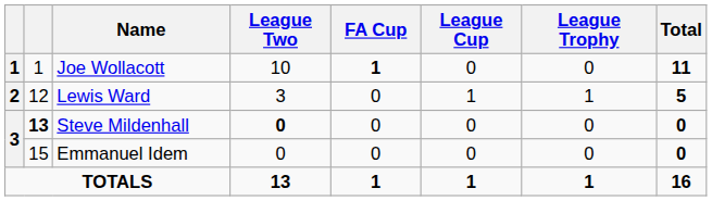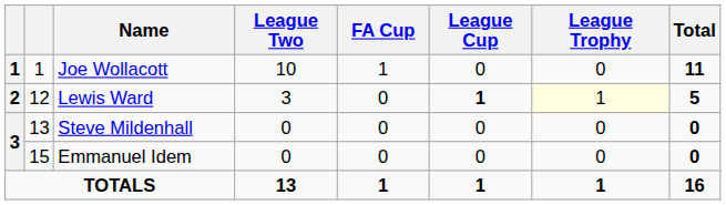 <table class="wikitable" style="text-align:center; font-size:95%; width:95%;">
 <tr>
 <th width=10></th>
 <th width=10></th>
 <th width=200>Name</th>
 <th width=100><a href='#'>League Two</a></th>
 <th width=100><a href='#'>FA Cup</a></th>
 <th width=100><a href='#'>League Cup</a></th>
 <th width=150><a href='#'>League Trophy</a></th>
 <th>Total</th>
 </tr>
 <tr>
 <th rowspan=1>1</th>
 <td>1</td>
 <td align="left"> <a href='#'>Joe Wollacott</a></td>
 <td>10</td>
-<td><strong>1</strong></td>
+<td>1</td>
 <td>0</td>
 <td>0</td>
 <td><strong>11</strong></td>
 </tr>
 <tr>
 <th rowspan=1>2</th>
 <td>12</td>
 <td align="left"> <a href='#'>Lewis Ward</a></td>
 <td>3</td>
 <td>0</td>
-<td>1</td>
-<td>1</td>
+<td><strong>1</strong></td>
+<td style="background: lightyellow;">1</td>
 <td><strong>5</strong></td>
 </tr>
 <tr>
 <th rowspan=2>3</th>
-<td><strong>13</strong></td>
+<td>13</td>
 <td align="left"> <a href='#'>Steve Mildenhall</a></td>
-<td><strong>0</strong></td>
+<td>0</td>
 <td>0</td>
 <td>0</td>
 <td>0</td>
 <td><strong>0</strong></td>
 </tr>
 <tr>
 <td>15</td>
 <td align="left"> Emmanuel Idem</td>
 <td>0</td>
 <td>0</td>
 <td>0</td>
 <td>0</td>
 <td><strong>0</strong></td>
 </tr>
 <tr>
 <td colspan="3"><strong>TOTALS</strong></td>
 <td><strong>13</strong></td>
 <td><strong>1</strong></td>
 <td><strong>1</strong></td>
 <td><strong>1</strong></td>
 <td><strong>16</strong></td>
 </tr>
 </table>
